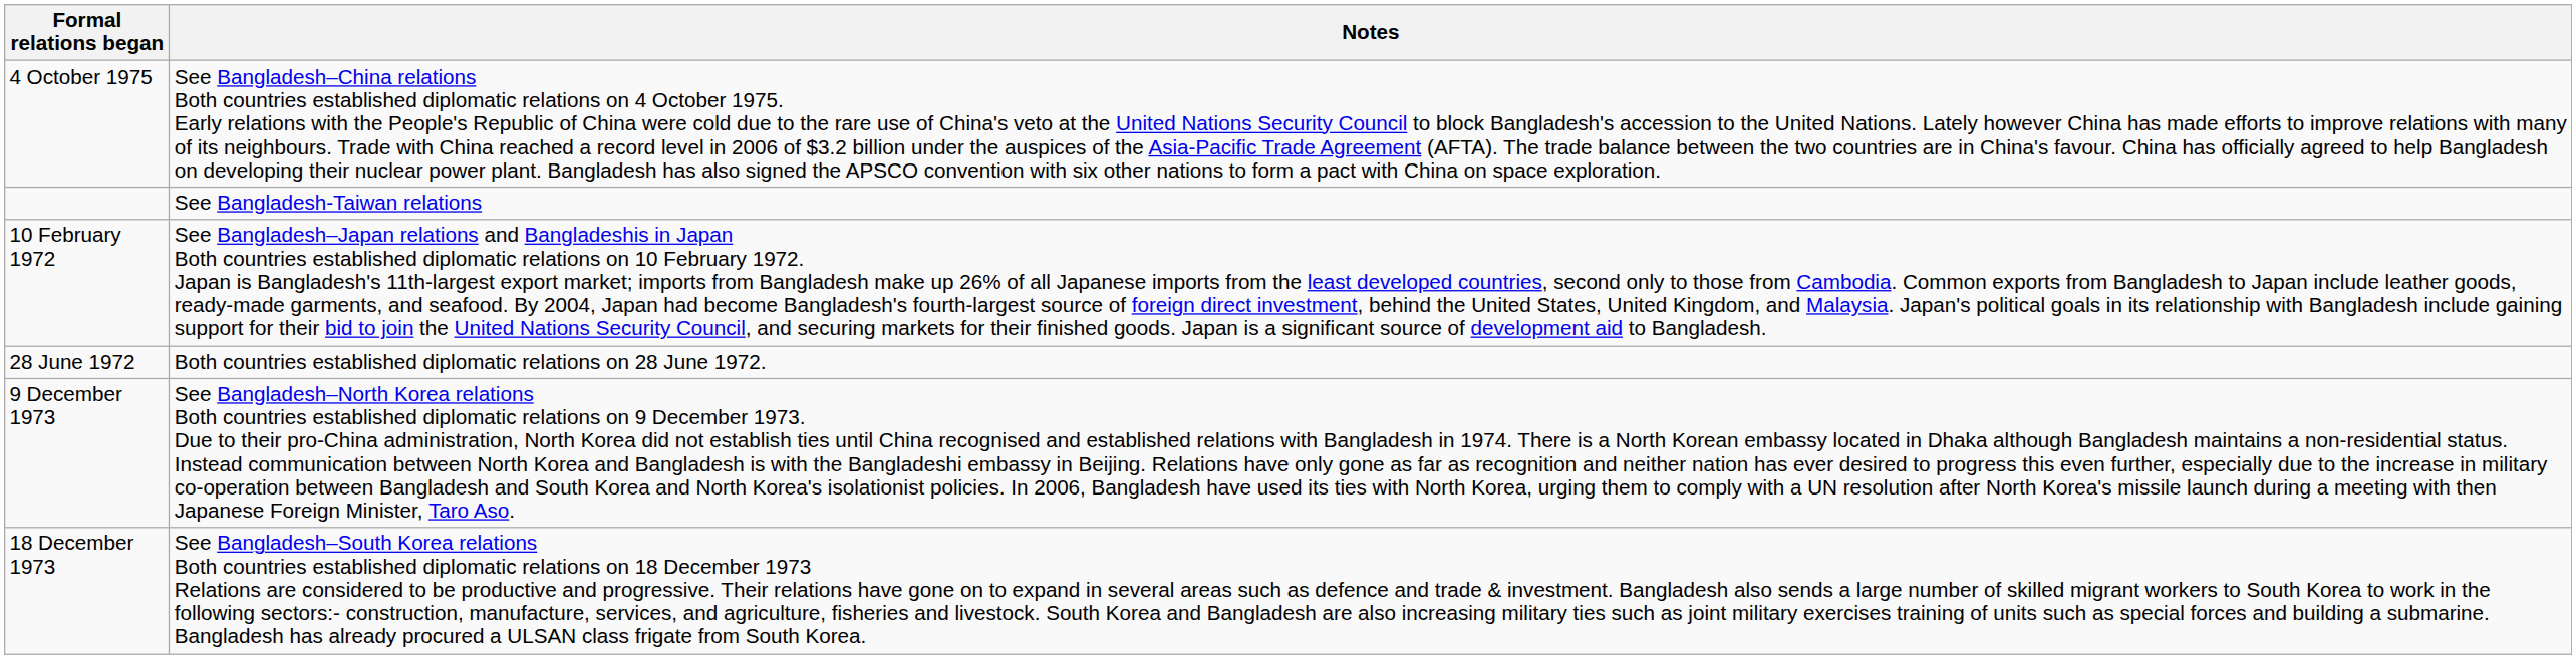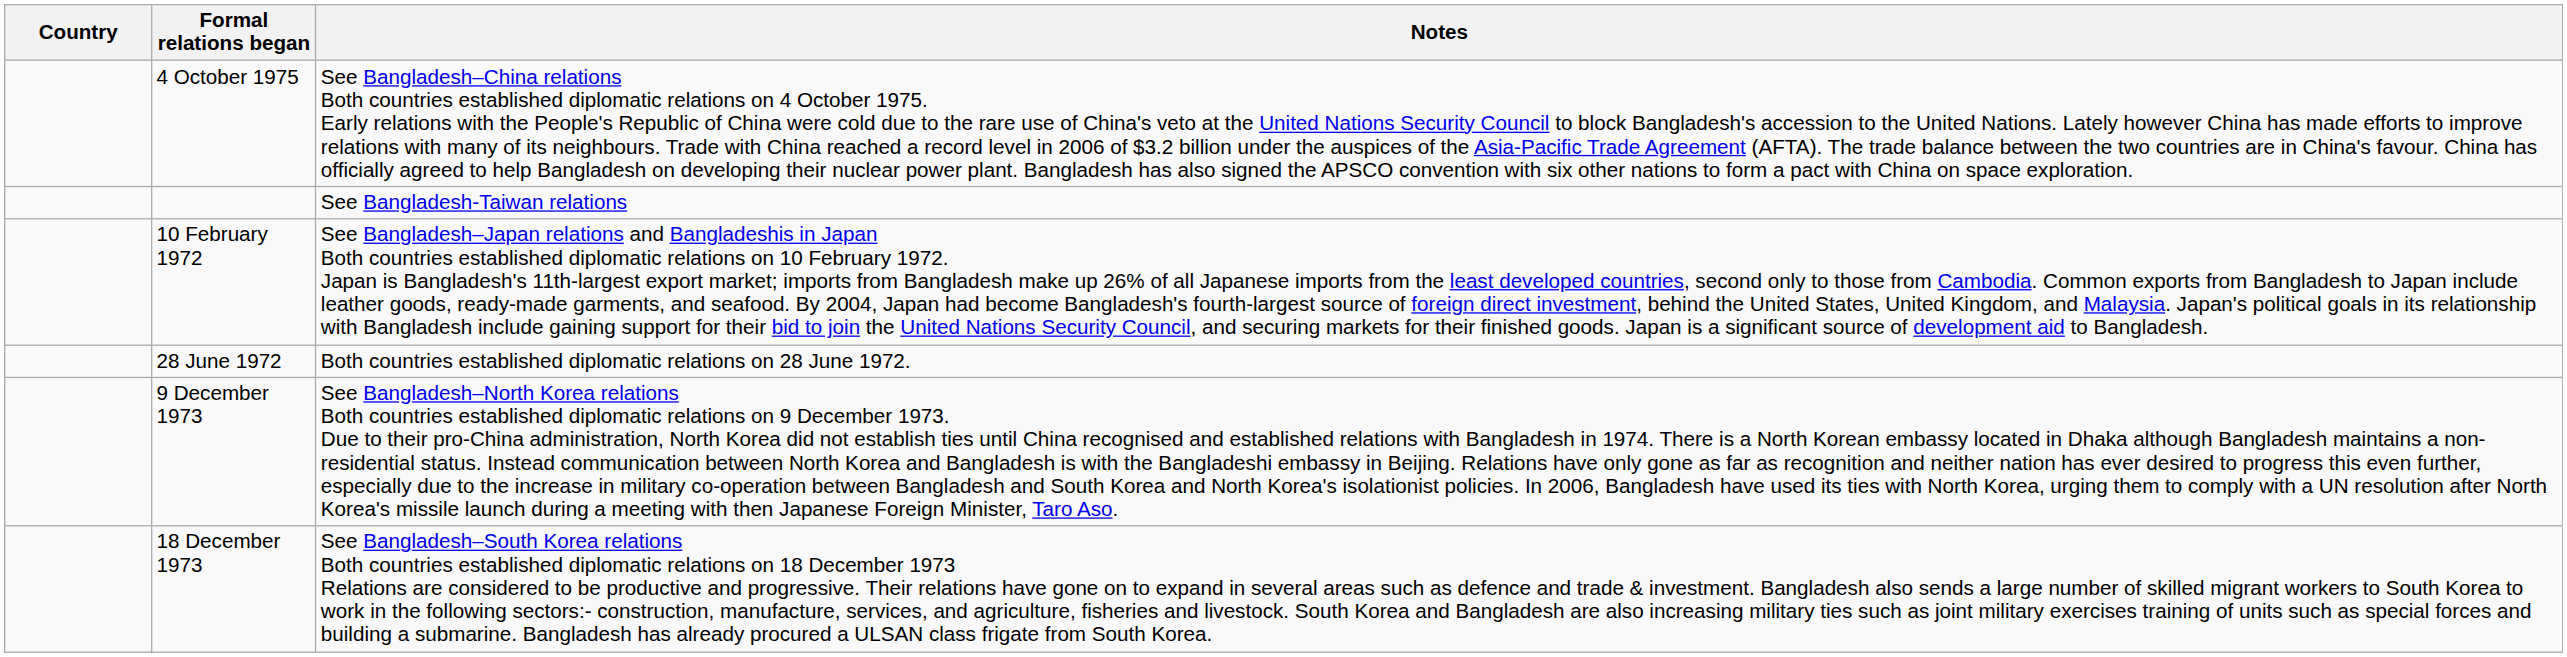 <table class="wikitable sortable" style="width:100%; margin:auto;">
 <tr>
+<th style="width:80pt;">Country</th>
 <th style="width:90pt;">Formal relations began</th>
 <th class=unsortable>Notes</th>
 </tr>
 <tr valign="top">
+<td></td>
 <td>4 October 1975</td>
 <td>See <a href='#'>Bangladesh–China relations</a><br>Both countries established diplomatic relations on 4 October 1975.<br>Early relations with the People's Republic of China were cold due to the rare use of China's veto at the <a href='#'>United Nations Security Council</a> to block Bangladesh's accession to the United Nations. Lately however China has made efforts to improve relations with many of its neighbours.  Trade with China reached a record level in 2006 of $3.2 billion under the auspices of the <a href='#'>Asia-Pacific Trade Agreement</a> (AFTA). The trade balance between the two countries are in China's favour. China has officially agreed to help Bangladesh on developing their nuclear power plant. Bangladesh has also signed the APSCO convention with six other nations to form a pact with China on space exploration.</td>
 </tr>
 <tr valign="top">
 <td></td>
+<td></td>
 <td>See <a href='#'>Bangladesh-Taiwan relations</a></td>
 </tr>
 <tr valign="top">
+<td></td>
 <td>10 February 1972</td>
 <td>See <a href='#'>Bangladesh–Japan relations</a> and <a href='#'>Bangladeshis in Japan</a><br>Both countries established diplomatic relations on 10 February 1972.<br>Japan is Bangladesh's 11th-largest export market; imports from Bangladesh make up 26% of all Japanese imports from the <a href='#'>least developed countries</a>, second only to those from <a href='#'>Cambodia</a>. Common exports from Bangladesh to Japan include leather goods, ready-made garments, and seafood. By 2004, Japan had become Bangladesh's fourth-largest source of <a href='#'>foreign direct investment</a>, behind the United States, United Kingdom, and <a href='#'>Malaysia</a>. Japan's political goals in its relationship with Bangladesh include gaining support for their <a href='#'>bid to join</a> the <a href='#'>United Nations Security Council</a>, and securing markets for their finished goods. Japan is a significant source of <a href='#'>development aid</a> to Bangladesh.</td>
 </tr>
 <tr valign="top">
+<td></td>
 <td>28 June 1972</td>
 <td>Both countries established diplomatic relations on 28 June 1972.</td>
 </tr>
 <tr valign="top">
+<td></td>
 <td>9 December 1973</td>
 <td>See <a href='#'>Bangladesh–North Korea relations</a><br>Both countries established diplomatic relations on 9 December 1973.<br>Due to their pro-China administration, North Korea did not establish ties until China recognised and established relations with Bangladesh in 1974. There is a North Korean embassy located in Dhaka although Bangladesh maintains a non-residential status. Instead communication between North Korea and Bangladesh is with the Bangladeshi embassy in Beijing. Relations have only gone as far as recognition and neither nation has ever desired to progress this even further, especially due to the increase in military co-operation between Bangladesh and South Korea and North Korea's isolationist policies. In 2006, Bangladesh have used its ties with North Korea, urging them to comply with a UN resolution after North Korea's missile launch during a meeting with then Japanese Foreign Minister, <a href='#'>Taro Aso</a>.</td>
 </tr>
 <tr valign="top">
+<td></td>
 <td>18 December 1973</td>
 <td>See <a href='#'>Bangladesh–South Korea relations</a><br>Both countries established diplomatic relations on 18 December 1973<br>Relations are considered to be productive and progressive. Their relations have gone on to expand in several areas such as defence and trade & investment. Bangladesh also sends a large number of skilled migrant workers to South Korea to work in the following sectors:- construction, manufacture, services, and agriculture, fisheries and livestock. South Korea and Bangladesh are also increasing military ties such as joint military exercises training of units such as special forces and building a submarine. Bangladesh has already procured a ULSAN class frigate from South Korea.</td>
 </tr>
 </table>
